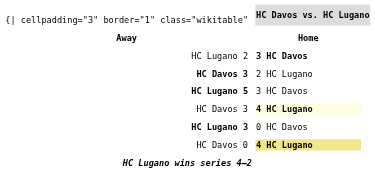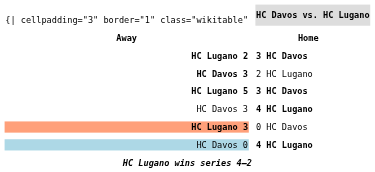 <table cellspacing="10">
 <tr>
 <td valign="top"><br>	{| cellpadding="3" border="1"  class="wikitable"</td>
 <th bgcolor="#DDDDDD" colspan="4">HC Davos vs. HC Lugano</th>
 </tr>
 <tr>
 <th>Away</th>
 <th>Home</th>
 <th></th>
 </tr>
 <tr>
-<td align = "right">HC Lugano 2</td>
+<td align = "right"><strong>HC Lugano 2</strong></td>
 <td><strong>3 HC Davos</strong></td>
 </tr>
 <tr>
 <td align = "right"><strong>HC Davos 3</strong></td>
 <td>2 HC Lugano</td>
 </tr>
 <tr>
 <td align = "right"><strong>HC Lugano 5</strong></td>
-<td>3 HC Davos</td>
+<td><strong>3 HC Davos</strong></td>
 </tr>
 <tr>
 <td align = "right">HC Davos 3</td>
-<td style="background: lightyellow;"><strong>4 HC Lugano</strong></td>
+<td><strong>4 HC Lugano</strong></td>
 </tr>
 <tr>
-<td align = "right"><strong>HC Lugano 3</strong></td>
+<td align = "right" style="background: lightsalmon;"><strong>HC Lugano 3</strong></td>
 <td>0 HC Davos</td>
 </tr>
 <tr>
-<td align = "right">HC Davos 0</td>
-<td style="background: khaki;"><strong>4 HC Lugano</strong></td>
+<td align = "right" style="background: lightblue;">HC Davos 0</td>
+<td><strong>4 HC Lugano</strong></td>
 </tr>
 <tr align="center">
 <td colspan="4"><strong><em>HC Lugano wins series 4–2</em></strong></td>
 </tr>
 </table>
